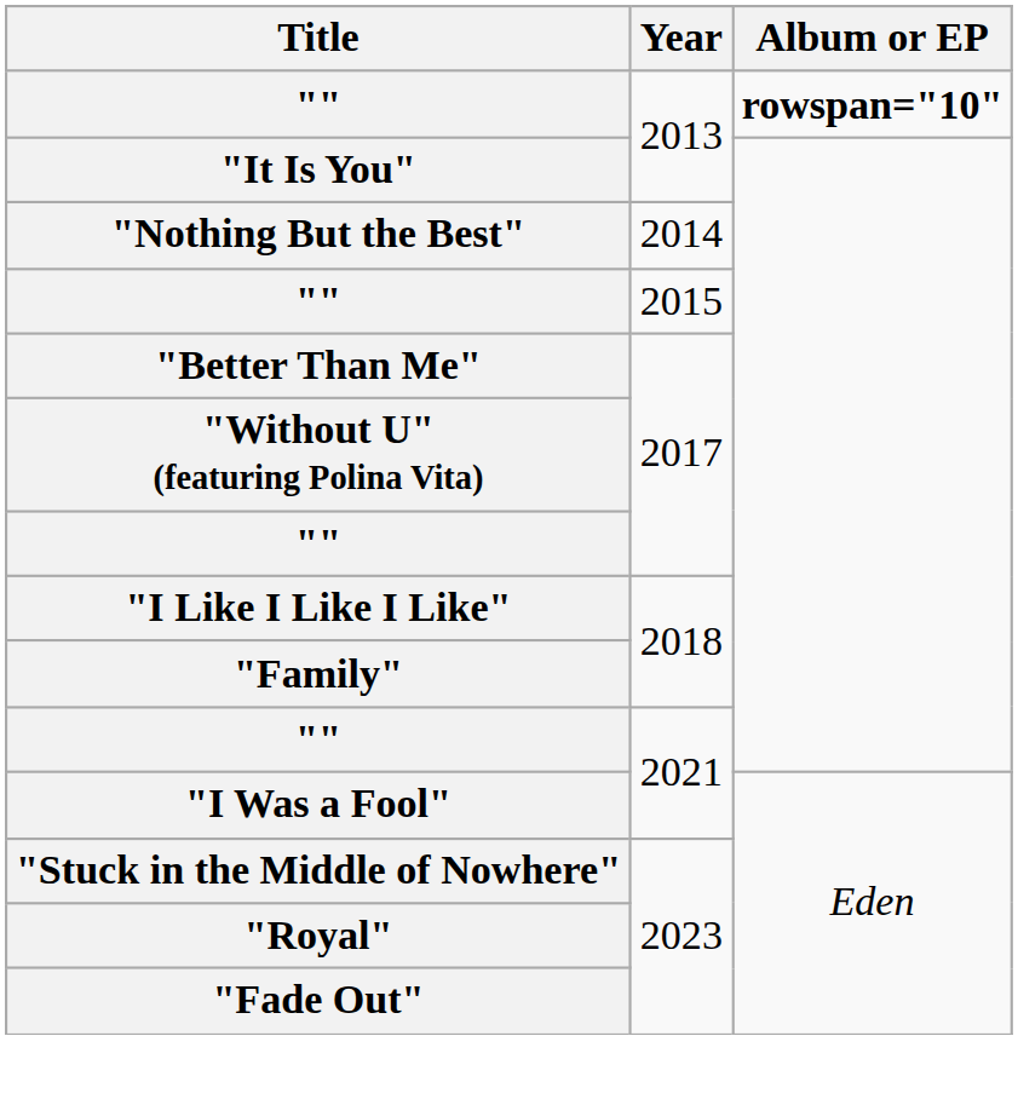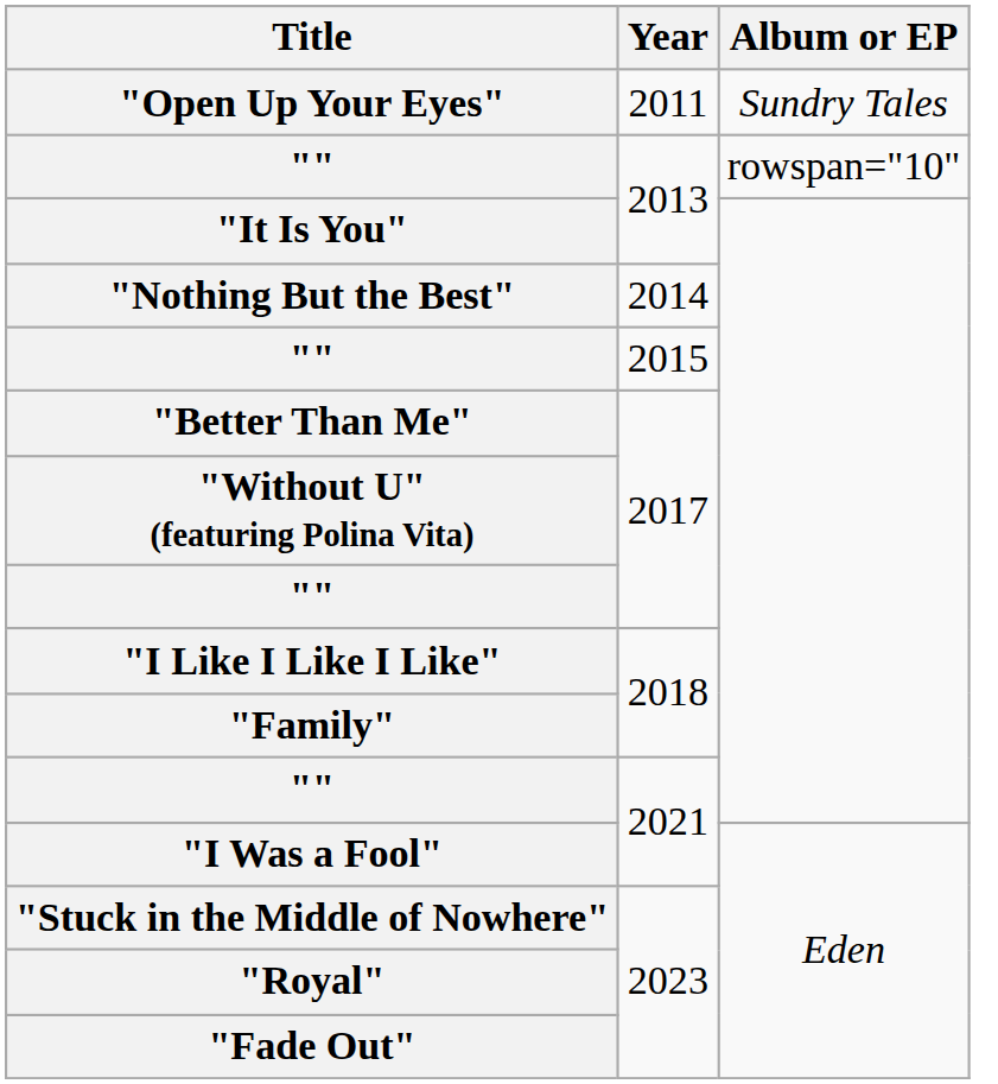 <table class="wikitable plainrowheaders" style="text-align:center;">
 <tr>
 <th scope="col">Title</th>
 <th scope="col">Year</th>
 <th scope="col">Album or EP</th>
 </tr>
 <tr>
+<th scope="row">"Open Up Your Eyes"</th>
+<td>2011</td>
+<td><em>Sundry Tales</em></td>
+</tr>
+<tr>
 <th scope="row">""</th>
 <td rowspan="2">2013</td>
-<td><strong>rowspan="10" </strong></td>
+<td>rowspan="10" </td>
 </tr>
 <tr>
 <th scope="row">"It Is You"</th>
 </tr>
 <tr>
 <th scope="row">"Nothing But the Best"</th>
 <td>2014</td>
 </tr>
 <tr>
 <th scope="row">""</th>
 <td>2015</td>
 </tr>
 <tr>
 <th scope="row">"Better Than Me"</th>
 <td rowspan="3">2017</td>
 </tr>
 <tr>
 <th scope="row">"Without U"<br><small>(featuring Polina Vita)</small></th>
 </tr>
 <tr>
 <th scope="row">""<br></th>
 </tr>
 <tr>
 <th scope="row">"I Like I Like I Like"</th>
 <td rowspan="2">2018</td>
 </tr>
 <tr>
 <th scope="row">"Family"</th>
 </tr>
 <tr>
 <th scope="row">""</th>
 <td rowspan="2">2021</td>
 </tr>
 <tr>
 <th scope="row">"I Was a Fool"<br></th>
 <td rowspan="4"><em>Eden</em></td>
 </tr>
 <tr>
 <th scope="row">"Stuck in the Middle of Nowhere"</th>
 <td rowspan="3">2023</td>
 </tr>
 <tr>
 <th scope="row">"Royal"</th>
 </tr>
 <tr>
 <th scope="row">"Fade Out"</th>
 </tr>
 </table>
